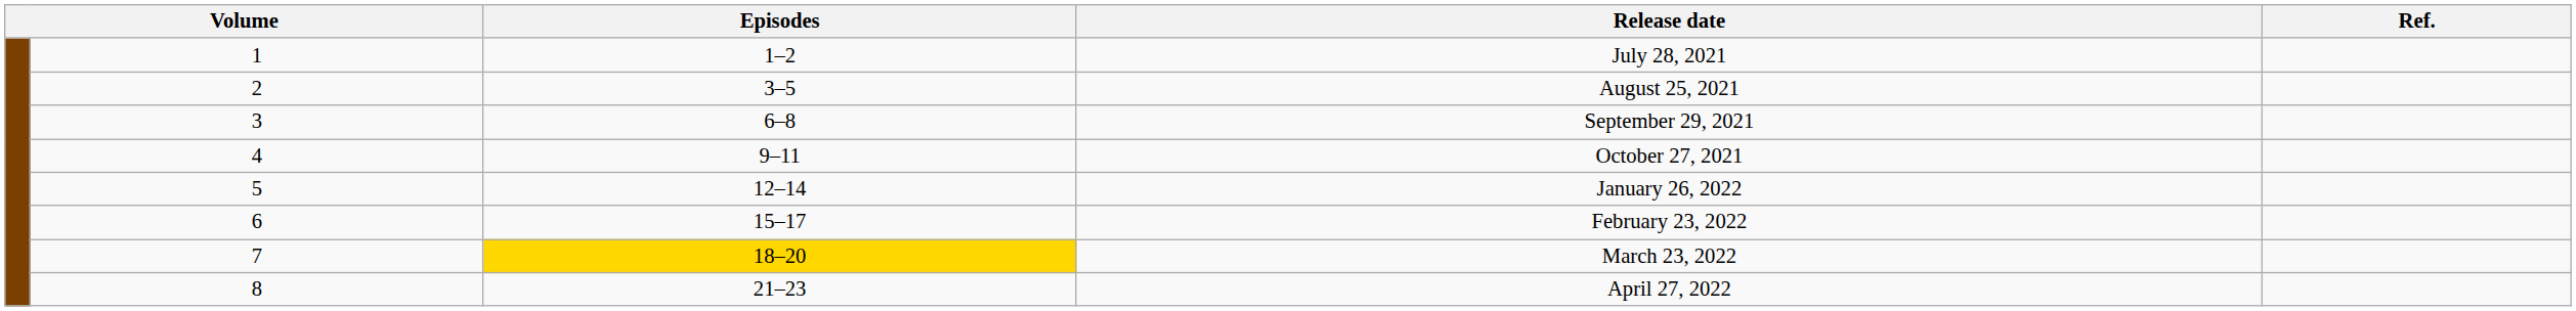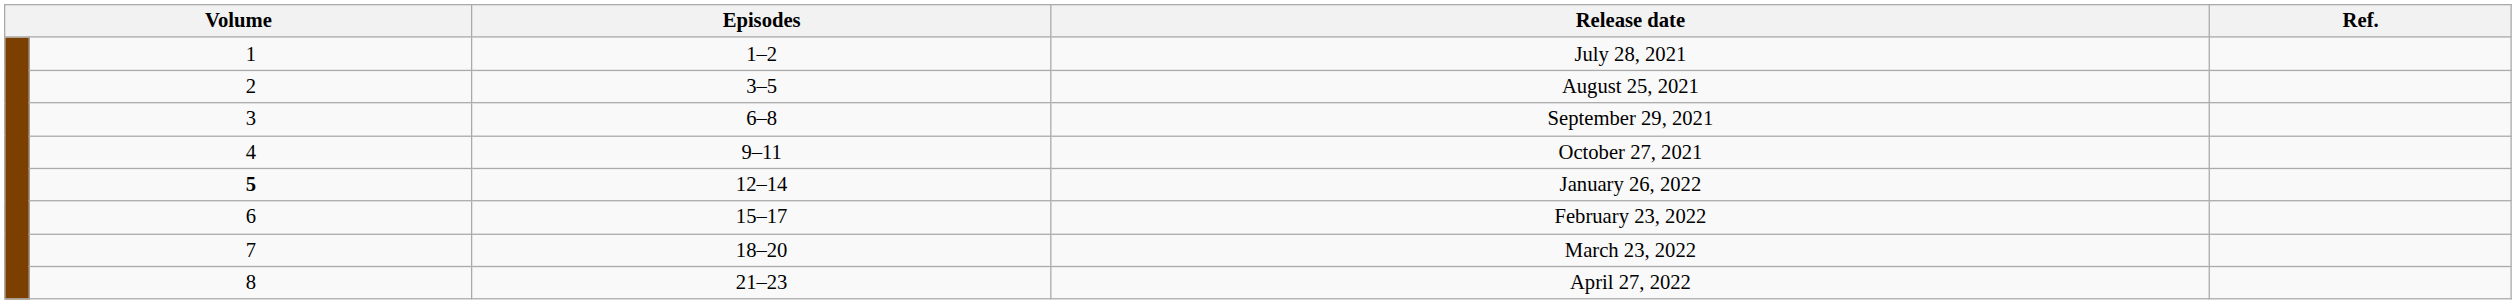 <table class="wikitable" style="text-align: center; width: 98%;">
 <tr>
 <th colspan="2">Volume</th>
 <th>Episodes</th>
 <th>Release date</th>
 <th>Ref.</th>
 </tr>
 <tr>
 <td rowspan="8" width="1%" style="background: #7B3F00;"></td>
 <td>1</td>
 <td>1–2</td>
 <td>July 28, 2021</td>
 <td></td>
 </tr>
 <tr>
 <td>2</td>
 <td>3–5</td>
 <td>August 25, 2021</td>
 <td></td>
 </tr>
 <tr>
 <td>3</td>
 <td>6–8</td>
 <td>September 29, 2021</td>
 <td></td>
 </tr>
 <tr>
 <td>4</td>
 <td>9–11</td>
 <td>October 27, 2021</td>
 <td></td>
 </tr>
 <tr>
-<td>5</td>
+<td><strong>5</strong></td>
 <td>12–14</td>
 <td>January 26, 2022</td>
 <td></td>
 </tr>
 <tr>
 <td>6</td>
 <td>15–17</td>
 <td>February 23, 2022</td>
 <td></td>
 </tr>
 <tr>
 <td>7</td>
-<td style="background: gold;">18–20</td>
+<td>18–20</td>
 <td>March 23, 2022</td>
 <td></td>
 </tr>
 <tr>
 <td>8</td>
 <td>21–23</td>
 <td>April 27, 2022</td>
 <td></td>
 </tr>
 </table>
